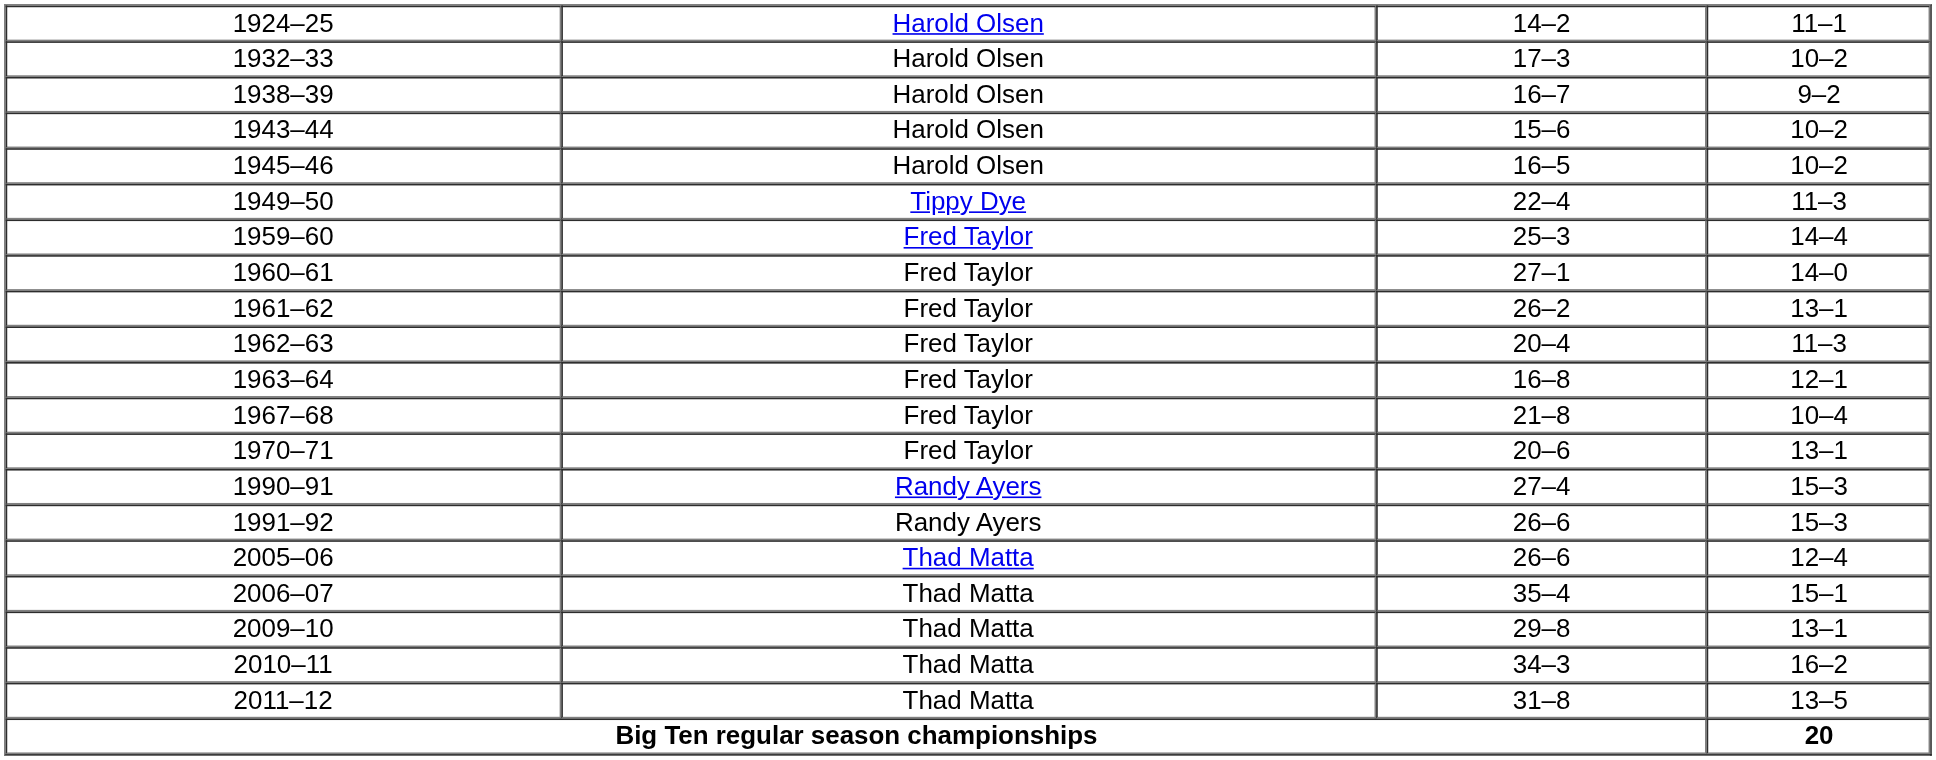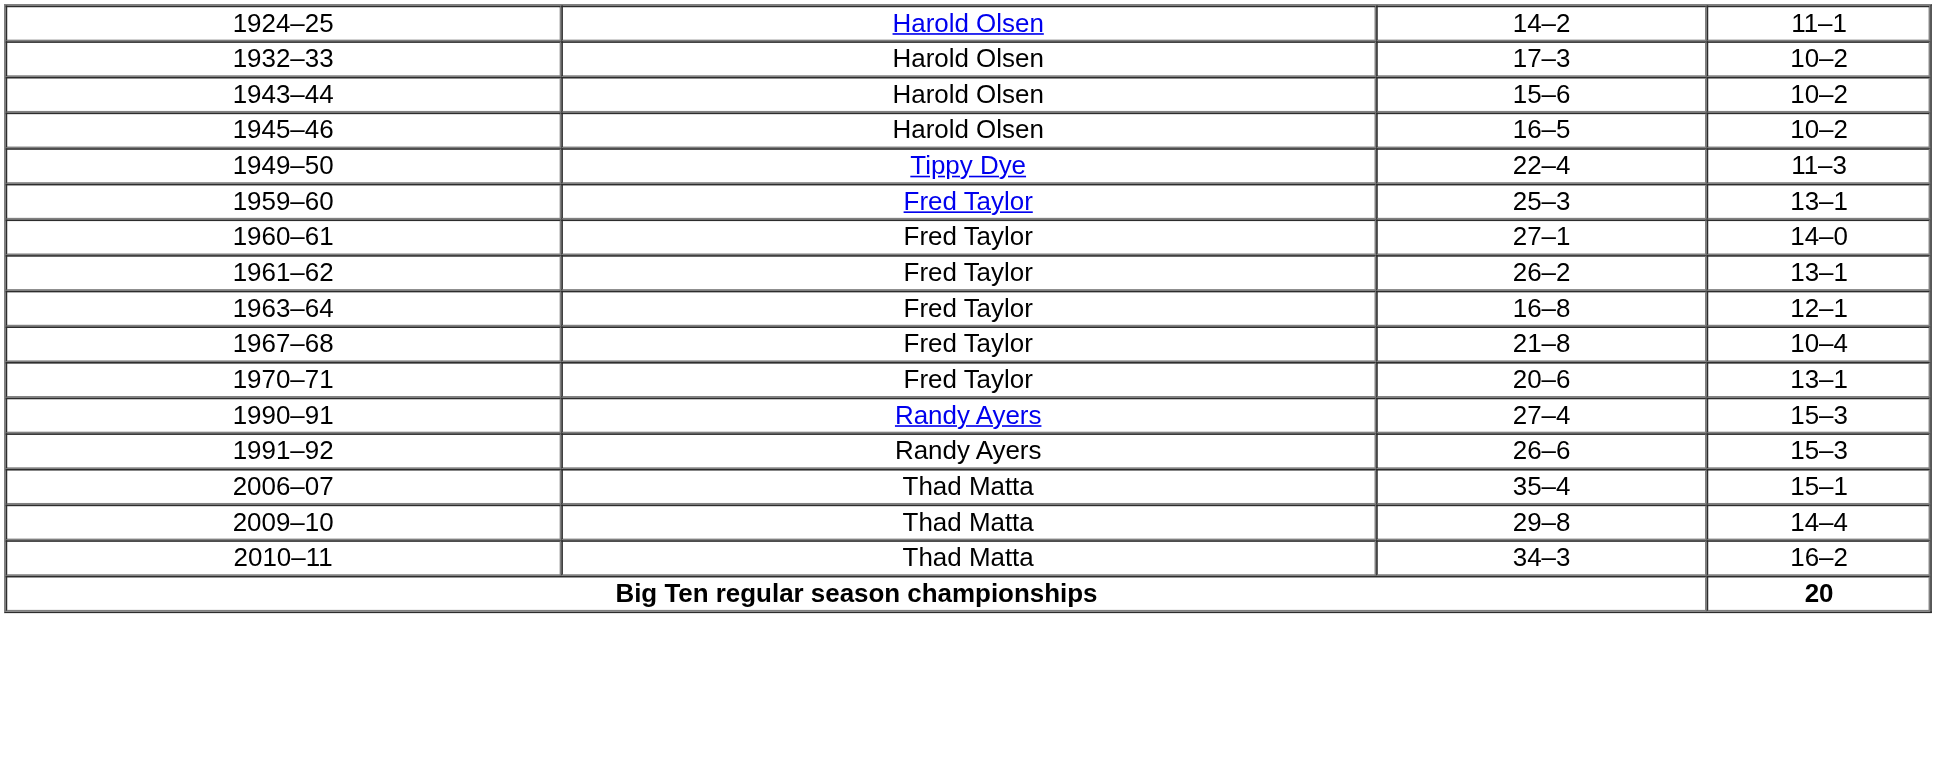 <table cellpadding="1" border="1" cellspacing="0" width="60%">
 <tr style="text-align:center">
 </tr>
 <tr align="center">
 <td>1924–25</td>
 <td><a href='#'>Harold Olsen</a></td>
 <td>14–2</td>
 <td>11–1</td>
 </tr>
 <tr align="center">
 <td>1932–33</td>
 <td>Harold Olsen</td>
 <td>17–3</td>
 <td>10–2</td>
-</tr>
-<tr align="center">
-<td>1938–39</td>
-<td>Harold Olsen</td>
-<td>16–7</td>
-<td>9–2</td>
 </tr>
 <tr align="center">
 <td>1943–44</td>
 <td>Harold Olsen</td>
 <td>15–6</td>
 <td>10–2</td>
 </tr>
 <tr align="center">
 <td>1945–46</td>
 <td>Harold Olsen</td>
 <td>16–5</td>
 <td>10–2</td>
 </tr>
 <tr align="center">
 <td>1949–50</td>
 <td><a href='#'>Tippy Dye</a></td>
 <td>22–4</td>
 <td>11–3</td>
 </tr>
 <tr align="center">
 <td>1959–60</td>
 <td><a href='#'>Fred Taylor</a></td>
 <td>25–3</td>
-<td>14–4</td>
+<td>13–1</td>
 </tr>
 <tr align="center">
 <td>1960–61</td>
 <td>Fred Taylor</td>
 <td>27–1</td>
 <td>14–0</td>
 </tr>
 <tr align="center">
 <td>1961–62</td>
 <td>Fred Taylor</td>
 <td>26–2</td>
 <td>13–1</td>
-</tr>
-<tr align="center">
-<td>1962–63</td>
-<td>Fred Taylor</td>
-<td>20–4</td>
-<td>11–3</td>
 </tr>
 <tr align="center">
 <td>1963–64</td>
 <td>Fred Taylor</td>
 <td>16–8</td>
 <td>12–1</td>
 </tr>
 <tr align="center">
 <td>1967–68</td>
 <td>Fred Taylor</td>
 <td>21–8</td>
 <td>10–4</td>
 </tr>
 <tr align="center">
 <td>1970–71</td>
 <td>Fred Taylor</td>
 <td>20–6</td>
 <td>13–1</td>
 </tr>
 <tr align="center">
 <td>1990–91</td>
 <td><a href='#'>Randy Ayers</a></td>
 <td>27–4</td>
 <td>15–3</td>
 </tr>
 <tr align="center">
 <td>1991–92</td>
 <td>Randy Ayers</td>
 <td>26–6</td>
 <td>15–3</td>
 </tr>
 <tr align="center">
-<td>2005–06</td>
-<td><a href='#'>Thad Matta</a></td>
-<td>26–6</td>
-<td>12–4</td>
-</tr>
-<tr align="center">
 <td>2006–07</td>
 <td>Thad Matta</td>
 <td>35–4</td>
 <td>15–1</td>
 </tr>
 <tr align="center">
 <td>2009–10</td>
 <td>Thad Matta</td>
 <td>29–8</td>
-<td>13–1</td>
+<td>14–4</td>
 </tr>
 <tr align="center">
 <td>2010–11</td>
 <td>Thad Matta</td>
 <td>34–3</td>
 <td>16–2</td>
 </tr>
 <tr align="center">
-<td>2011–12</td>
-<td>Thad Matta</td>
-<td>31–8</td>
-<td>13–5</td>
-</tr>
-<tr align="center">
 <td colspan=3><strong>Big Ten regular season championships</strong></td>
 <td><strong>20</strong></td>
 </tr>
 </table>
